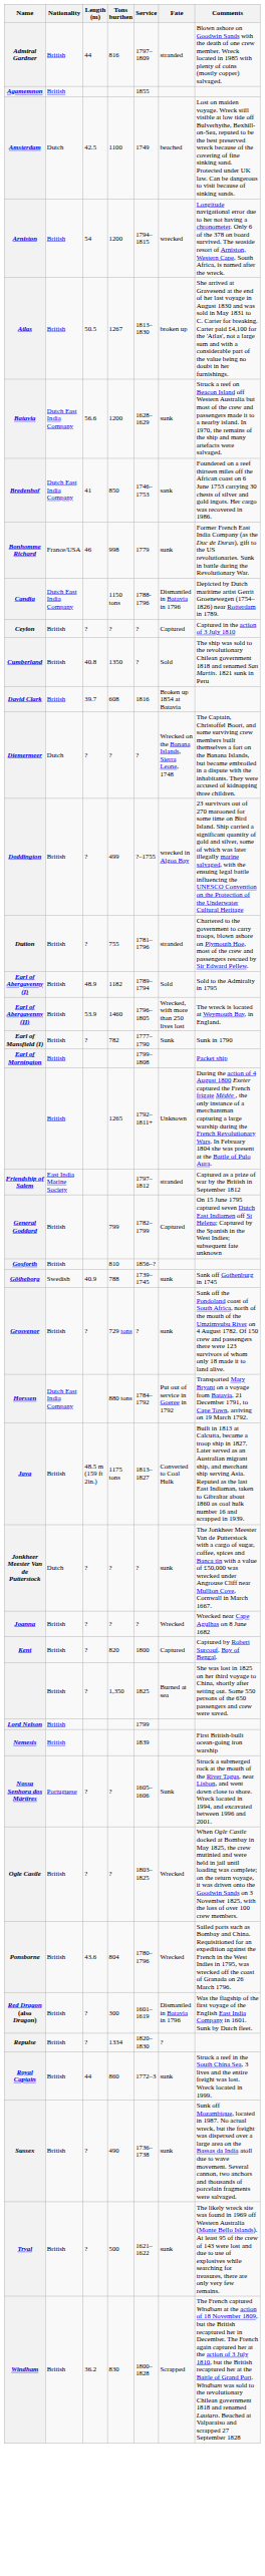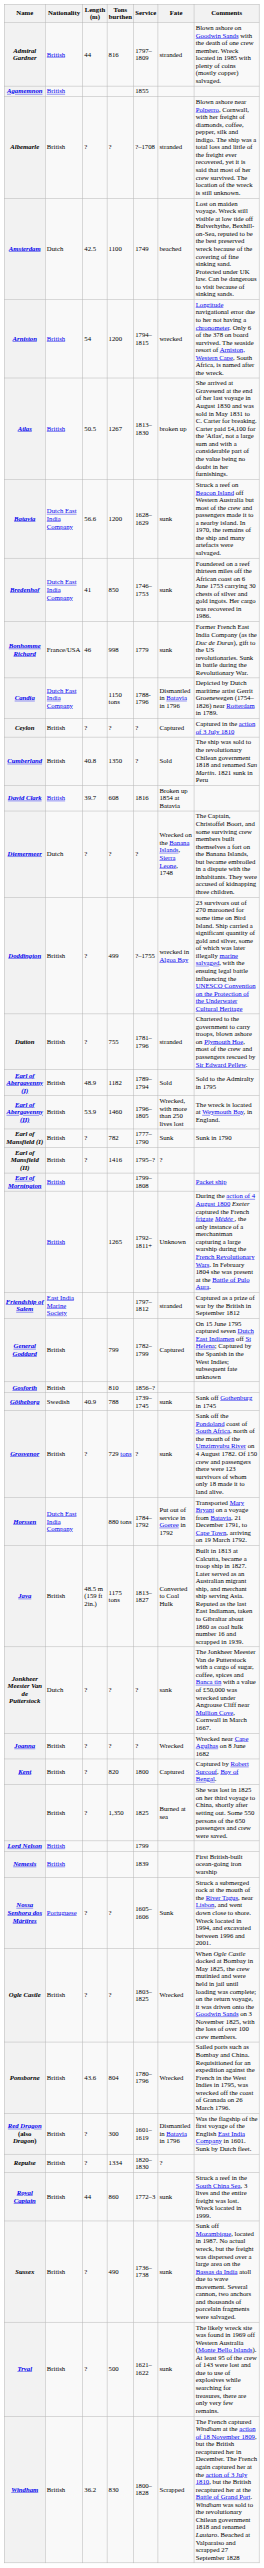 <table class="wikitable plainrowheaders sortable">
 <tr>
 <th scope="col">Name</th>
 <th scope="col">Nationality</th>
 <th scope="col">Length (m)</th>
 <th scope="col">Tons burthen</th>
 <th scope="col">Service</th>
 <th scope="col">Fate</th>
 <th scope="col" class="unsortable">Comments</th>
 </tr>
 <tr>
 <th scope="row"><em>Admiral Gardner</em></th>
 <td><a href='#'>British</a></td>
 <td>44</td>
 <td>816</td>
 <td>1797–1809</td>
 <td>stranded</td>
 <td>Blown ashore on <a href='#'>Goodwin Sands</a> with the death of one crew member. Wreck located in 1985 with plenty of coins (mostly copper) salvaged.</td>
 </tr>
 <tr>
 <th scope="row"><a href='#'><em>Agamemnon</em></a></th>
 <td><a href='#'>British</a></td>
 <td></td>
 <td></td>
 <td>1855</td>
 <td></td>
 <td></td>
+</tr>
+<tr>
+<th scope="row"><em>Albemarle</em></th>
+<td>British</td>
+<td>?</td>
+<td>?</td>
+<td>?–1708</td>
+<td>stranded</td>
+<td>Blown ashore near <a href='#'>Polperro</a>, Cornwall, with her freight of diamonds, coffee, pepper, silk and indigo. The ship was a total loss and little of the freight ever recovered, yet it is said that most of her crew survived. The location of the wreck is still unknown.</td>
 </tr>
 <tr>
 <th scope="row"><a href='#'><em>Amsterdam</em></a></th>
 <td>Dutch</td>
 <td>42.5</td>
 <td>1100</td>
 <td>1749</td>
 <td>beached</td>
 <td>Lost on maiden voyage.  Wreck still visible at low tide off Bulverhythe, Bexhill-on-Sea, reputed to be the best preserved wreck because of the covering of fine sinking sand.  Protected under UK law.  Can be dangerous to visit because of sinking sands.</td>
 </tr>
 <tr>
 <th scope="row"><a href='#'><em>Arniston</em></a></th>
 <td><a href='#'>British</a></td>
 <td>54</td>
 <td>1200</td>
 <td>1794–1815</td>
 <td>wrecked</td>
 <td><a href='#'>Longitude</a> navigational error due to her not having a <a href='#'>chronometer</a>. Only 6 of the 378 on board survived. The seaside resort of <a href='#'>Arniston, Western Cape</a>, South Africa, is named after the wreck.</td>
 </tr>
 <tr>
 <th scope="row"><a href='#'><em>Atlas</em></a></th>
 <td><a href='#'>British</a></td>
 <td>50.5</td>
 <td>1267</td>
 <td>1813–1830</td>
 <td>broken up</td>
 <td>She arrived at Gravesend at the end of her last voyage in August 1830 and was sold in May 1831 to C. Carter for breaking. Carter paid £4,100 for the 'Atlas', not a large sum and with a considerable part of the value being no doubt in her furnishings.</td>
 </tr>
 <tr>
 <th scope="row"><a href='#'><em>Batavia</em></a></th>
 <td><a href='#'>Dutch East India Company</a></td>
 <td>56.6</td>
 <td>1200</td>
 <td>1628–1629</td>
 <td>sunk</td>
 <td>Struck a reef on <a href='#'>Beacon Island</a> off Western Australia but most of the crew and passengers made it to a nearby island. In 1970, the remains of the ship and many artefacts were salvaged.</td>
 </tr>
 <tr>
 <th scope="row"><em><a href='#'>Bredenhof</a></em></th>
 <td><a href='#'>Dutch East India Company</a></td>
 <td>41</td>
 <td>850</td>
 <td>1746–1753</td>
-<td>sank</td>
+<td>sunk</td>
 <td>Foundered on a reef thirteen miles off the African coast on 6 June 1753 carrying 30 chests of silver and gold ingots. Her cargo was recovered in 1986.</td>
 </tr>
 <tr>
 <th scope="row"><a href='#'><em>Bonhomme Richard</em></a></th>
 <td>France/USA</td>
 <td>46</td>
 <td>998</td>
 <td>1779</td>
 <td>sunk</td>
 <td>Former French East India Company (as the <em>Duc de Duras</em>), gift to the US revolutionaries. Sunk in battle during the Revolutionary War.</td>
 </tr>
 <tr>
 <th scope="row"><a href='#'><em>Candia</em></a></th>
 <td><a href='#'>Dutch East India Company</a></td>
 <td></td>
 <td>1150 tons</td>
 <td>1788-1796</td>
 <td>Dismantled in <a href='#'>Batavia</a> in 1796</td>
 <td>Depicted by Dutch maritime artist Gerrit Groenewegen (1754–1826) near <a href='#'>Rotterdam</a> in 1789.</td>
 </tr>
 <tr>
 <th scope="row"><em>Ceylon</em></th>
 <td>British</td>
 <td>?</td>
 <td>?</td>
 <td>?</td>
 <td>Captured</td>
 <td>Captured in the <a href='#'>action of 3 July 1810</a></td>
 </tr>
 <tr>
 <th scope="row"><a href='#'><em>Cumberland</em></a></th>
 <td>British</td>
 <td>40.8</td>
 <td>1350</td>
 <td>?</td>
 <td>Sold</td>
 <td>The ship was sold to the revolutionary Chilean government 1818 and renamed <em>San Martín</em>. 1821 sunk in Peru</td>
 </tr>
 <tr>
 <th scope="row"><a href='#'><em>David Clark</em></a></th>
 <td><a href='#'>British</a></td>
 <td>39.7</td>
 <td>608</td>
 <td>1816</td>
 <td>Broken up 1854 at Batavia</td>
 <td></td>
 </tr>
 <tr>
 <th scope="row"><a href='#'><em>Diemermeer</em></a></th>
 <td>Dutch</td>
 <td>?</td>
 <td>?</td>
 <td>?</td>
 <td>Wrecked on the <a href='#'>Banana Islands</a>, <a href='#'>Sierra Leone</a>, 1748</td>
 <td>The Captain, Christoffel Boort, and some surviving crew members built themselves a fort on the Banana Islands, but became embroiled in a dispute with the inhabitants. They were accused of kidnapping three children.</td>
 </tr>
 <tr>
 <th scope="row"><a href='#'><em>Doddington</em></a></th>
 <td>British</td>
 <td>?</td>
 <td>499</td>
 <td>?–1755</td>
 <td>wrecked in <a href='#'>Algoa Bay</a></td>
 <td>23 survivors out of 270 marooned for some time on Bird Island.  Ship carried a significant quantity of gold and silver, some of which was later illegally <a href='#'>marine salvaged</a>, with the ensuing legal battle influencing the <a href='#'>UNESCO Convention on the Protection of the Underwater Cultural Heritage</a></td>
 </tr>
 <tr>
 <th scope="row"><em>Dutton</em></th>
 <td>British</td>
 <td>?</td>
 <td>755</td>
 <td>1781–1796</td>
 <td>stranded</td>
 <td>Chartered to the government to carry troops, blown ashore on <a href='#'>Plymouth Hoe</a>, most of the crew and passengers rescued by <a href='#'>Sir Edward Pellew</a>.</td>
 </tr>
 <tr>
 <th scope="row"><a href='#'><em>Earl of Abergavenny (I)</em></a></th>
 <td>British</td>
 <td>48.9</td>
 <td>1182</td>
 <td>1789–1794</td>
 <td>Sold</td>
 <td>Sold to the Admiralty in 1795</td>
 </tr>
 <tr>
 <th scope="row"><a href='#'><em>Earl of Abergavenny (II)</em></a></th>
 <td>British</td>
 <td>53.9</td>
 <td>1460</td>
 <td>1796–1805</td>
 <td>Wrecked, with more than 250 lives lost</td>
 <td>The wreck is located at <a href='#'>Weymouth Bay</a>, in England.</td>
 </tr>
 <tr>
 <th scope="row"><em>Earl of Mansfield (I)</em></th>
 <td>British</td>
 <td>?</td>
 <td>782</td>
 <td>1777–1790</td>
 <td>Sunk</td>
 <td>Sunk in 1790</td>
 </tr>
 <tr>
+<th scope="row"><em>Earl of Mansfield (II)</em></th>
+<td>British</td>
+<td>?</td>
+<td>1416</td>
+<td>1795–?</td>
+<td>?</td>
+<td></td>
+</tr>
+<tr>
 <th scope="row"><a href='#'><em>Earl of Mornington</em></a></th>
 <td><a href='#'>British</a></td>
 <td></td>
 <td></td>
 <td>1799–1808</td>
 <td></td>
 <td><a href='#'>Packet ship</a></td>
 </tr>
 <tr>
 <th scope="row"></th>
 <td><a href='#'>British</a></td>
 <td></td>
 <td>1265</td>
 <td>1792–1811+</td>
 <td>Unknown</td>
 <td>During the <a href='#'>action of 4 August 1800</a> <em>Exeter</em> captured the French <a href='#'>frigate</a> <a href='#'><em>Médée </em></a>, the only instance of a merchantman capturing a large warship during the <a href='#'>French Revolutionary Wars</a>. In February 1804 she was present at the <a href='#'>Battle of Pulo Aura</a>.</td>
 </tr>
 <tr>
 <th scope="row"><em><a href='#'>Friendship of Salem</a></em></th>
 <td><a href='#'>East India Marine Society</a></td>
 <td></td>
 <td></td>
 <td>1797–1812</td>
 <td>stranded</td>
 <td>Captured as a prize of war by the British in September 1812</td>
 </tr>
 <tr>
 <th scope="row"><a href='#'><em>General Goddard</em></a></th>
 <td>British</td>
 <td></td>
 <td>799</td>
 <td>1782–1799</td>
 <td>Captured</td>
 <td>On 15 June 1795 captured seven <a href='#'>Dutch East Indiamen</a> off <a href='#'>St Helena</a>; Captured by the Spanish in the West Indies; subsequent fate unknown</td>
 </tr>
 <tr>
 <th scope="row"><a href='#'><em>Gosforth</em></a></th>
 <td>British</td>
 <td></td>
 <td>810</td>
 <td>1856–?</td>
 <td></td>
 <td></td>
 </tr>
 <tr>
 <th scope="row"><a href='#'><em>Götheborg</em></a></th>
 <td>Swedish</td>
 <td>40.9</td>
 <td>788</td>
 <td>1739–1745</td>
 <td>sunk</td>
 <td>Sank off <a href='#'>Gothenburg</a> in 1745</td>
 </tr>
 <tr>
 <th scope="row"><a href='#'><em>Grosvenor</em></a></th>
 <td>British</td>
 <td>?</td>
 <td>729 <a href='#'>tons</a></td>
 <td>?</td>
 <td>sunk</td>
 <td>Sank off the <a href='#'>Pondoland</a> coast of <a href='#'>South Africa</a>, north of the mouth of the <a href='#'>Umzimvubu River</a> on 4 August 1782. Of 150 crew and passengers there were 123 survivors of whom only 18 made it to land alive.</td>
 </tr>
 <tr>
 <th scope="row"><a href='#'><em>Horssen</em></a></th>
 <td><a href='#'>Dutch East India Company</a></td>
 <td></td>
 <td>880 tons</td>
 <td>1784–1792</td>
 <td>Put out of service in <a href='#'>Goeree</a> in 1792</td>
 <td>Transported <a href='#'>Mary Bryant</a> on a voyage from <a href='#'>Batavia</a>, 21 December 1791, to <a href='#'>Cape Town</a>, arriving on 19 March 1792.</td>
 </tr>
 <tr>
 <th scope="row"><a href='#'><em>Java</em></a></th>
 <td>British</td>
 <td>48.5 m (159 ft 2in.)</td>
 <td>1175 tons</td>
 <td>1813–1827</td>
 <td>Converted to Coal Hulk</td>
 <td>Built in 1813 at Calcutta, became a troop ship in 1827. Later served as an Australian migrant ship, and merchant ship serving Asia. Reputed as the last East Indiaman, taken to Gibraltar about 1860 as coal hulk number 16 and scrapped in 1939.</td>
 </tr>
 <tr>
 <th scope="row"><em>Jonkheer Meester Van de Putterstock </em></th>
 <td>Dutch</td>
 <td>?</td>
 <td>?</td>
 <td>?</td>
-<td>sunk</td>
+<td>sank</td>
 <td>The Jonkheer Meester Van de Putterstock with a cargo of sugar, coffee, spices and <a href='#'>Banca tin</a> with a value of £50,000 was wrecked under Angrouse Cliff near <a href='#'>Mullion Cove</a>, Cornwall in March 1667.</td>
 </tr>
 <tr>
 <th scope="row"><a href='#'><em>Joanna</em></a></th>
 <td>British</td>
 <td>?</td>
 <td>?</td>
 <td>?</td>
 <td>Wrecked</td>
 <td>Wrecked near <a href='#'>Cape Agulhas</a> on 8 June 1682</td>
 </tr>
 <tr>
 <th scope="row"><em><a href='#'>Kent</a></em></th>
 <td>British</td>
 <td>?</td>
 <td>820</td>
 <td>1800</td>
 <td>Captured</td>
 <td>Captured by <a href='#'>Robert Surcouf</a>, <a href='#'>Bay of Bengal</a>.</td>
 </tr>
 <tr>
 <th scope="row"></th>
 <td>British</td>
 <td>?</td>
 <td>1,350</td>
 <td>1825</td>
 <td>Burned at sea</td>
 <td>She was lost in 1825 on her third voyage to China, shortly after setting out. Some 550 persons of the 650 passengers and crew were saved.</td>
 </tr>
 <tr>
 <th scope="row"><a href='#'><em>Lord Nelson</em></a></th>
 <td><a href='#'>British</a></td>
 <td></td>
 <td></td>
 <td>1799</td>
 <td></td>
 <td></td>
 </tr>
 <tr>
 <th scope="row"><a href='#'><em>Nemesis</em></a></th>
 <td><a href='#'>British</a></td>
 <td></td>
 <td></td>
 <td>1839</td>
 <td></td>
 <td>First British-built ocean-going iron warship</td>
 </tr>
 <tr>
 <th scope="row"><a href='#'><em>Nossa Senhora dos Mártires</em></a></th>
 <td><a href='#'>Portuguese</a></td>
 <td>?</td>
 <td>?</td>
 <td>1605–1606</td>
 <td>Sunk</td>
 <td>Struck a submerged rock at the mouth of the <a href='#'>River Tagus</a>, near <a href='#'>Lisbon</a>, and went down close to shore. Wreck located in 1994, and excavated between 1996 and 2001.</td>
 </tr>
 <tr>
 <th scope="row"><em>Ogle Castle</em></th>
 <td>British</td>
 <td>?</td>
 <td>?</td>
 <td>1803–1825</td>
 <td>Wrecked</td>
 <td>When <em>Ogle Castle</em> docked at Bombay in May 1825, the crew mutinied and were held in jail until loading was complete; on the return voyage, it was driven onto the <a href='#'>Goodwin Sands</a> on 3 November 1825, with the loss of over 100 crew members.</td>
 </tr>
 <tr>
 <th scope="row"><em>Ponsborne</em></th>
 <td>British</td>
 <td>43.6</td>
 <td>804</td>
 <td>1780–1796</td>
 <td>Wrecked</td>
 <td>Sailed ports such as Bombay and China.  Requisitioned for an expedition against the French in the West Indies in 1795, was wrecked off the coast of Granada on 26 March 1796.</td>
 </tr>
 <tr>
 <th scope="row"><em><a href='#'>Red Dragon</a></em> (also <em>Dragon</em>)</th>
 <td>British</td>
 <td>?</td>
 <td>300</td>
 <td>1601–1619</td>
 <td>Dismantled in <a href='#'>Batavia</a> in 1796</td>
 <td>Was the flagship of the first voyage of the English <a href='#'>East India Company</a> in 1601. Sunk by Dutch fleet.</td>
 </tr>
 <tr>
 <th scope="row"><em>Repulse</em></th>
 <td>British</td>
 <td>?</td>
 <td>1334</td>
 <td>1820–1830</td>
 <td>?</td>
 <td></td>
 </tr>
 <tr>
 <th scope="row"><a href='#'><em>Royal Captain</em></a></th>
 <td>British</td>
 <td>44</td>
 <td>860</td>
 <td>1772–3</td>
 <td>sunk</td>
 <td>Struck a reef in the <a href='#'>South China Sea</a>, 3 lives and the entire freight was lost. Wreck located in 1999.</td>
 </tr>
 <tr>
 <th scope="row"><em>Sussex</em></th>
 <td>British</td>
 <td>?</td>
 <td>490</td>
 <td>1736–1738</td>
 <td>sunk</td>
 <td>Sunk off <a href='#'>Mozambique</a>, located in 1987. No actual wreck, but the freight was dispersed over a large area on the <a href='#'>Bassas da India</a> atoll due to wave movement. Several cannon, two anchors and thousands of porcelain fragments were salvaged.</td>
 </tr>
 <tr>
 <th scope="row"><a href='#'><em>Tryal</em></a></th>
 <td>British</td>
 <td>?</td>
 <td>500</td>
 <td>1621–1622</td>
 <td>sunk</td>
 <td>The likely wreck site was found in 1969 off Western Australia (<a href='#'>Monte Bello Islands</a>). At least 95 of the crew of 143 were lost and due to use of explosives while searching for treasures, there are only very few remains.</td>
 </tr>
 <tr>
 <th scope="row"><a href='#'><em>Windham</em></a></th>
 <td>British</td>
 <td>36.2</td>
 <td>830</td>
 <td>1800–1828</td>
 <td>Scrapped</td>
 <td>The French captured <em>Windham</em> at the <a href='#'>action of 18 November 1809</a>, but the British recaptured her in December. The French again captured her at the <a href='#'>action of 3 July 1810</a>, but the British recaptured her at the <a href='#'>Battle of Grand Port</a>. <em>Windham</em> was sold to the revolutionary Chilean government 1818 and renamed <em>Lautaro</em>. Beached at Valparaiso and scrapped 27 September 1828</td>
 </tr>
 </table>
